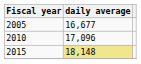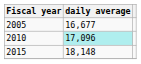 <table class="wikitable">
 <tr>
 <th>Fiscal year</th>
 <th>daily average</th>
 <th></th>
 </tr>
 <tr>
 <td>2005</td>
 <td>16,677</td>
 <td></td>
 </tr>
 <tr>
 <td>2010</td>
-<td>17,096</td>
+<td style="background: paleturquoise;">17,096</td>
 <td></td>
 </tr>
 <tr>
 <td>2015</td>
-<td style="background: khaki;">18,148</td>
+<td>18,148</td>
 <td></td>
 </tr>
 <tr>
 </tr>
 </table>
